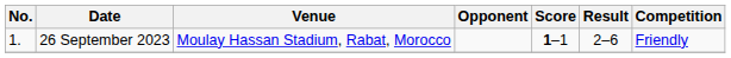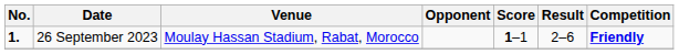 <table class="wikitable">
 <tr>
 <th>No.</th>
 <th>Date</th>
 <th>Venue</th>
 <th>Opponent</th>
 <th>Score</th>
 <th>Result</th>
 <th>Competition</th>
 </tr>
 <tr>
-<td>1.</td>
+<td><strong>1.</strong></td>
 <td>26 September 2023</td>
 <td><a href='#'>Moulay Hassan Stadium</a>, <a href='#'>Rabat</a>, <a href='#'>Morocco</a></td>
 <td></td>
 <td align=center><strong>1</strong>–1</td>
 <td align=center>2–6</td>
-<td><a href='#'>Friendly</a></td>
+<td><strong><a href='#'>Friendly</a></strong></td>
 </tr>
 <tr>
 </tr>
 </table>
